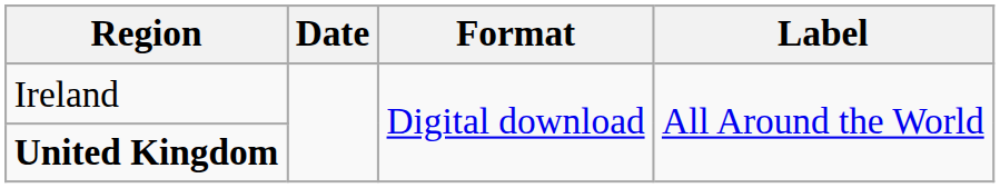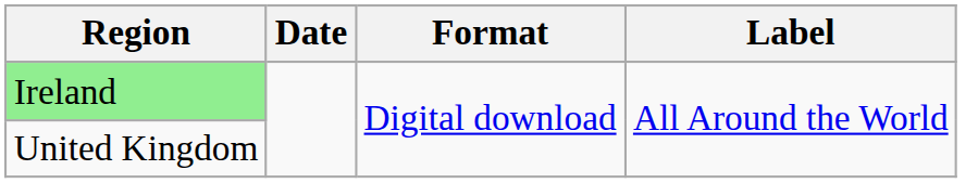 <table class="wikitable">
 <tr>
 <th>Region</th>
 <th>Date</th>
 <th>Format</th>
 <th>Label</th>
 </tr>
 <tr>
-<td>Ireland</td>
+<td style="background: lightgreen;">Ireland</td>
 <td rowspan="2"></td>
 <td rowspan="2"><a href='#'>Digital download</a></td>
 <td rowspan="2"><a href='#'>All Around the World</a></td>
 </tr>
 <tr>
-<td><strong>United Kingdom</strong></td>
+<td>United Kingdom</td>
 </tr>
 </table>
